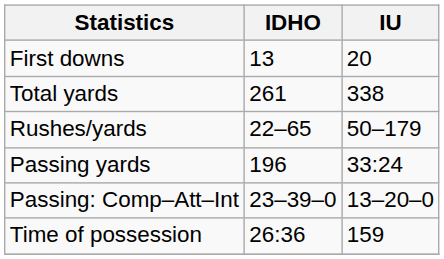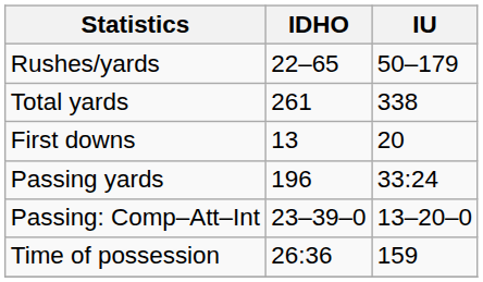 <table class="wikitable" style="float: left;">
 <tr>
 <th>Statistics</th>
 <th>IDHO</th>
 <th>IU</th>
 </tr>
 <tr>
-<td>First downs</td>
-<td>13</td>
-<td>20</td>
+<td>Rushes/yards</td>
+<td>22–65</td>
+<td>50–179</td>
 </tr>
 <tr>
 <td>Total yards</td>
 <td>261</td>
 <td>338</td>
 </tr>
 <tr>
-<td>Rushes/yards</td>
-<td>22–65</td>
-<td>50–179</td>
+<td>First downs</td>
+<td>13</td>
+<td>20</td>
 </tr>
 <tr>
 <td>Passing yards</td>
 <td>196</td>
 <td>33:24</td>
 </tr>
 <tr>
 <td>Passing: Comp–Att–Int</td>
 <td>23–39–0</td>
 <td>13–20–0</td>
 </tr>
 <tr>
 <td>Time of possession</td>
 <td>26:36</td>
 <td>159</td>
 </tr>
 <tr>
 </tr>
 </table>
